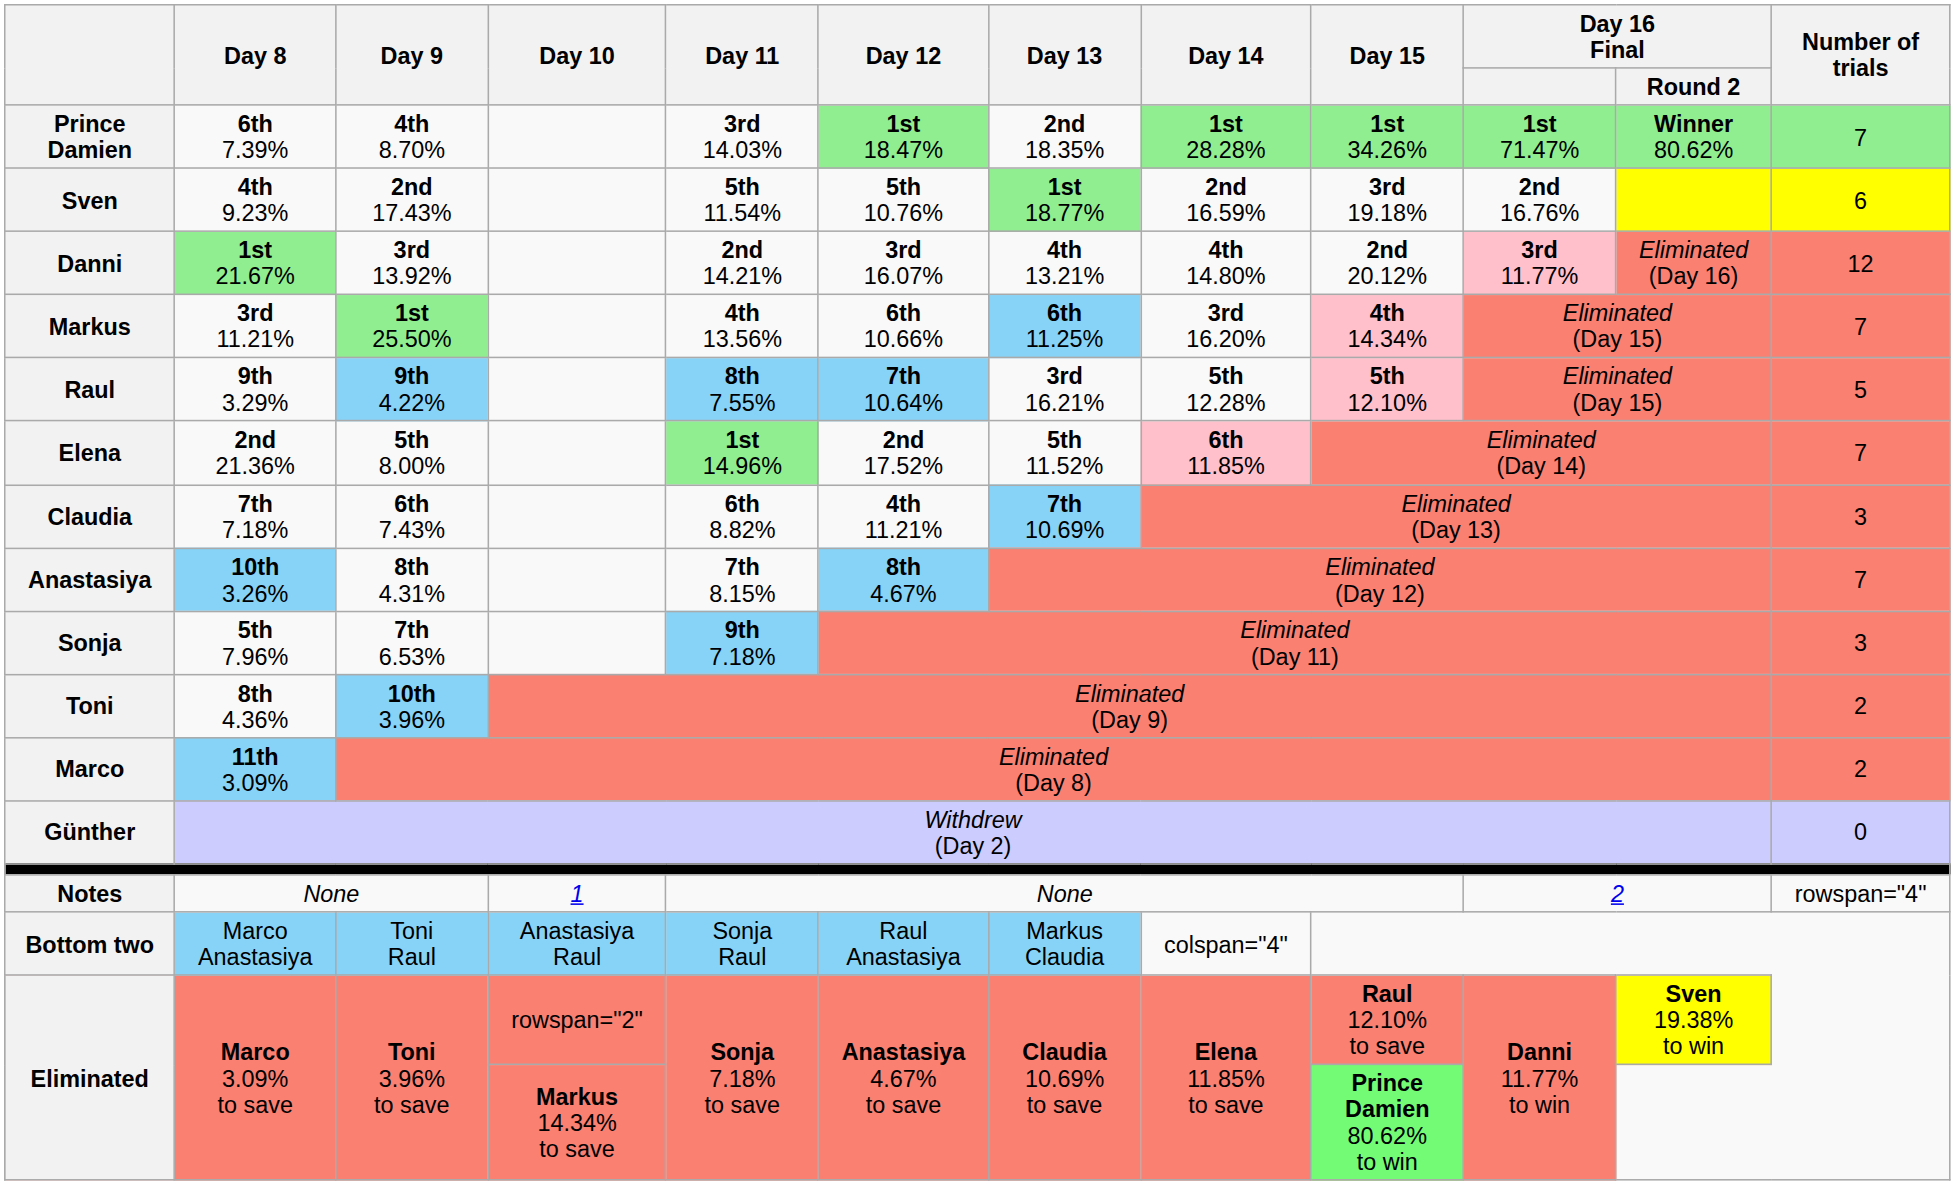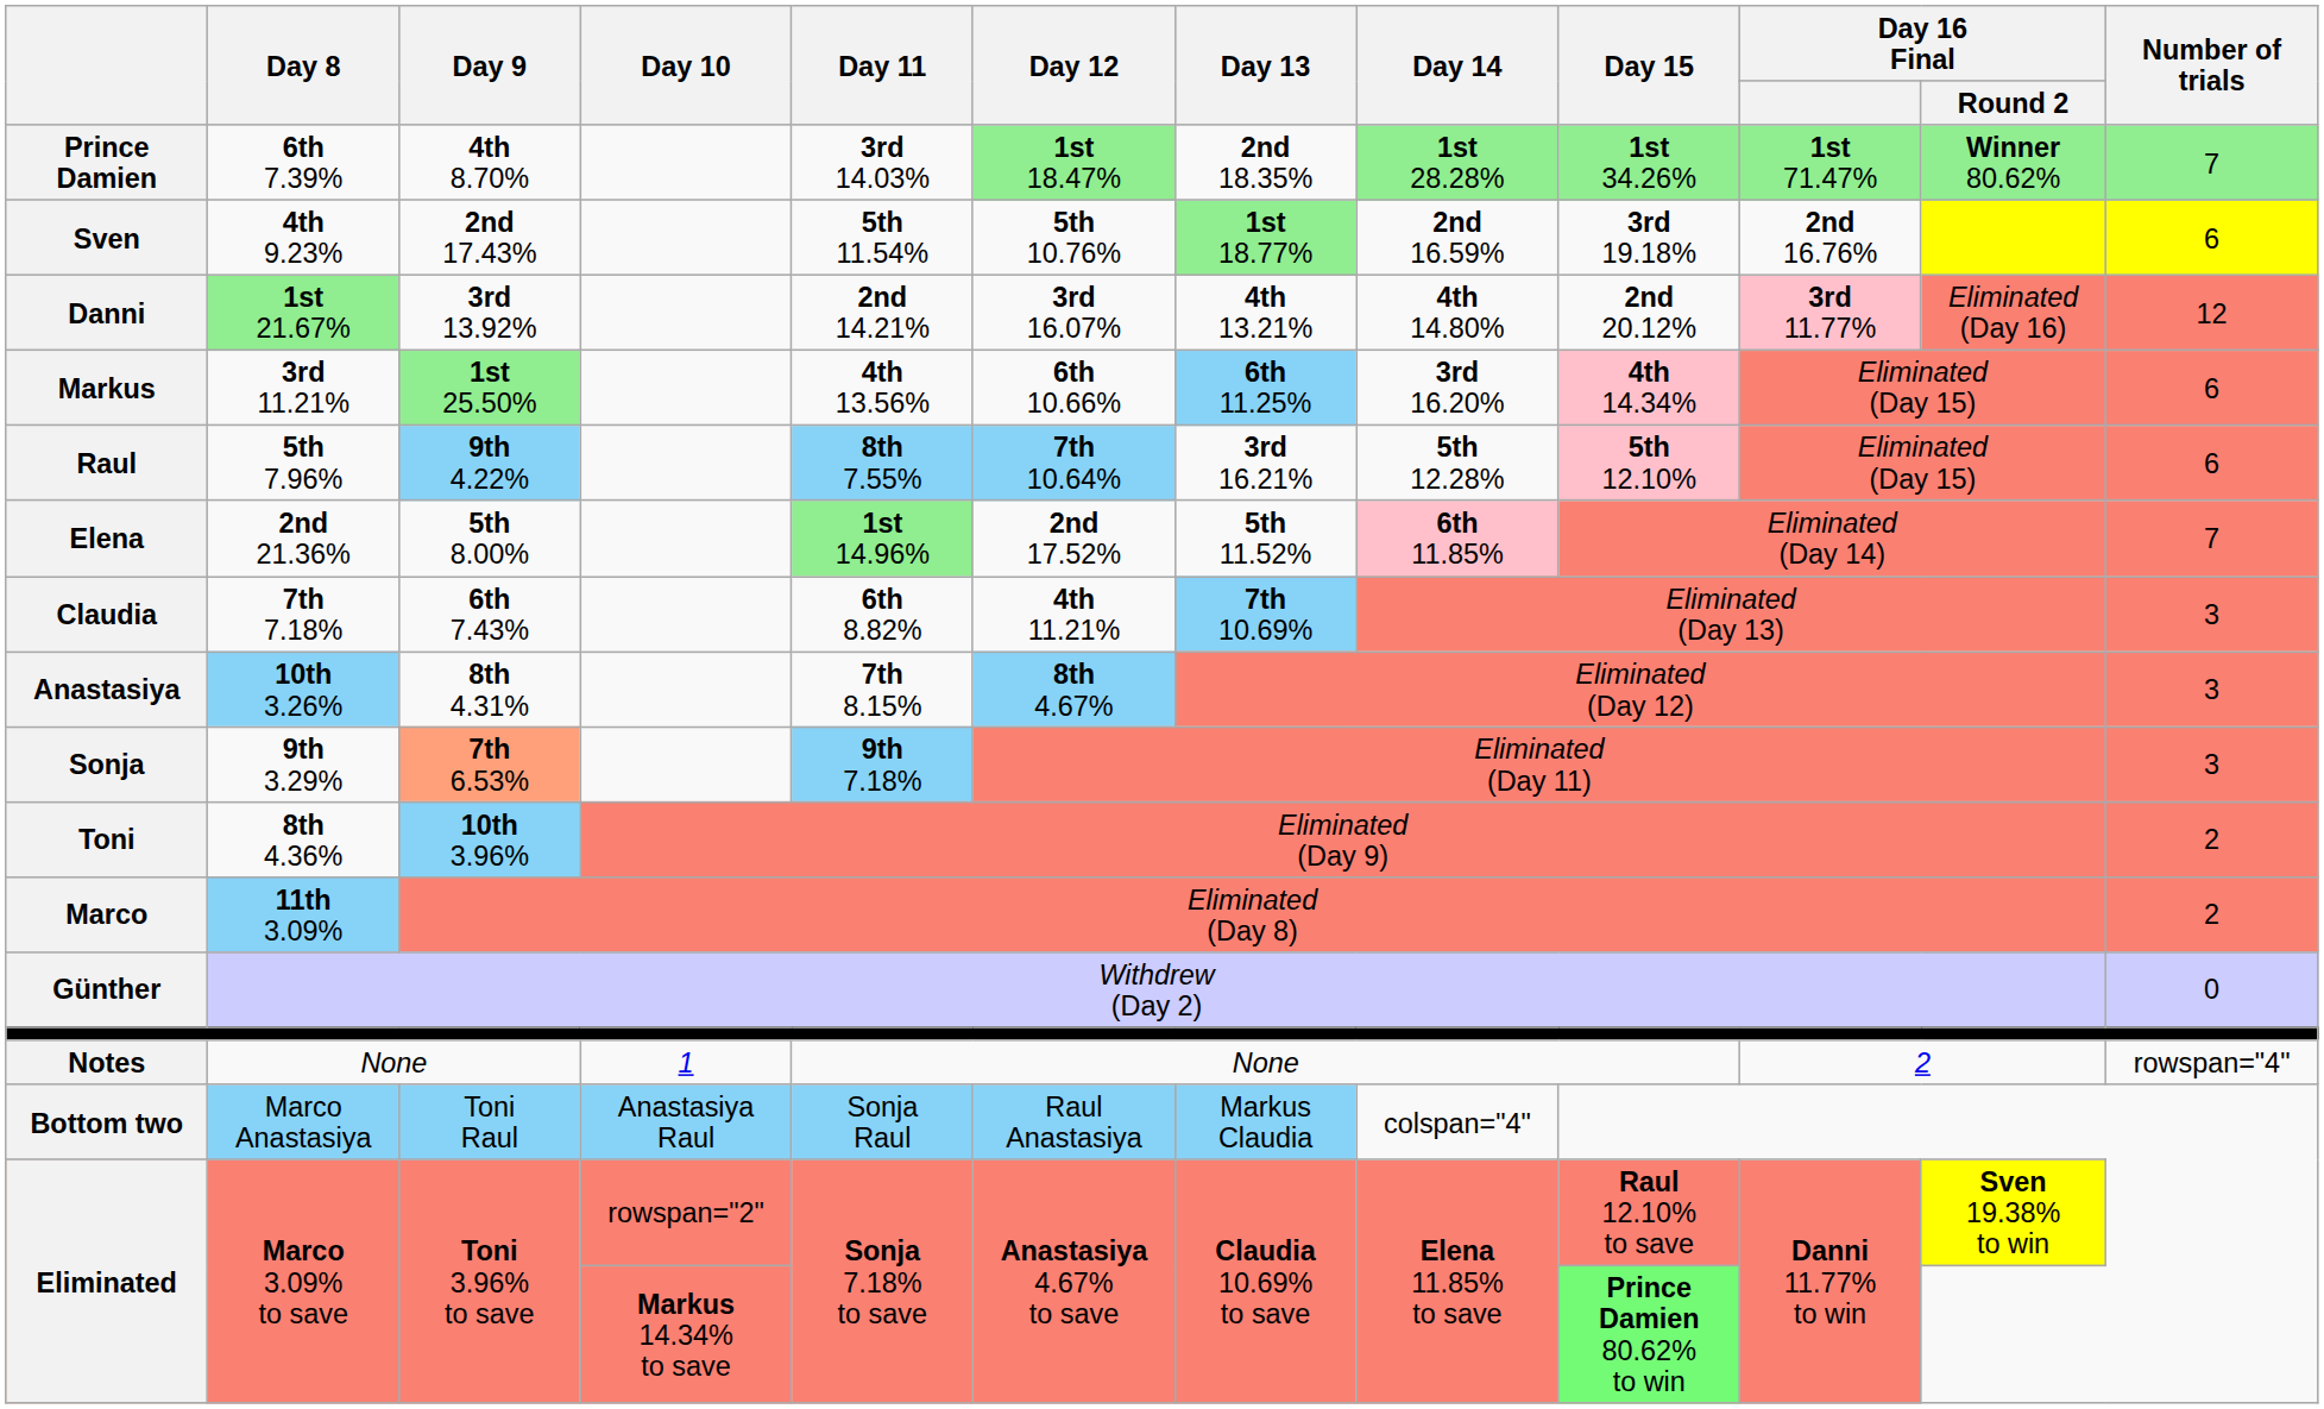 <table class="wikitable" style="text-align:center; font-size:95%; width:100%;">
 <tr>
 <th style="width:6%" rowspan="2"></th>
 <th style="width:6%" rowspan="2">Day 8</th>
 <th style="width:6%" rowspan="2">Day 9</th>
 <th style="width:6%" rowspan="2">Day 10</th>
 <th style="width:6%" rowspan="2">Day 11</th>
 <th style="width:6%" rowspan="2">Day 12</th>
 <th style="width:6%" rowspan="2">Day 13</th>
 <th style="width:6%" rowspan="2">Day 14</th>
 <th style="width:6%" rowspan="2">Day 15</th>
 <th style="width:12%" colspan="2">Day 16<br>Final</th>
 <th style="width:6%" rowspan="2">Number of trials</th>
 </tr>
 <tr>
 <th style="width:6%"></th>
 <th style="width:6%">Round 2</th>
 </tr>
 <tr>
 <th>Prince Damien</th>
 <td><strong>6th</strong><br>7.39%</td>
 <td><strong>4th</strong><br>8.70%</td>
 <td></td>
 <td><strong>3rd</strong><br>14.03%</td>
 <td style="background:lightgreen;"><strong>1st</strong><br>18.47%</td>
 <td><strong>2nd</strong><br>18.35%</td>
 <td style="background:lightgreen;"><strong>1st</strong><br>28.28%</td>
 <td style="background:lightgreen;"><strong>1st</strong><br>34.26%</td>
 <td style="background:lightgreen;"><strong>1st</strong><br>71.47%</td>
 <td bgcolor=lightgreen><strong>Winner</strong><br>80.62%</td>
 <td bgcolor=lightgreen>7</td>
 </tr>
 <tr>
 <th>Sven</th>
 <td><strong>4th</strong><br>9.23%</td>
 <td><strong>2nd</strong><br>17.43%</td>
 <td></td>
 <td><strong>5th</strong><br>11.54%</td>
 <td><strong>5th</strong><br>10.76%</td>
 <td style="background:lightgreen;"><strong>1st</strong><br>18.77%</td>
 <td><strong>2nd</strong><br>16.59%</td>
 <td><strong>3rd</strong><br>19.18%</td>
 <td><strong>2nd</strong><br>16.76%</td>
 <td bgcolor=Yellow></td>
 <td bgcolor=yellow>6</td>
 </tr>
 <tr>
 <th>Danni</th>
 <td style="background:lightgreen;"><strong>1st</strong><br>21.67%</td>
 <td><strong>3rd</strong><br>13.92%</td>
 <td></td>
 <td><strong>2nd</strong><br>14.21%</td>
 <td><strong>3rd</strong><br>16.07%</td>
 <td><strong>4th</strong><br>13.21%</td>
 <td><strong>4th</strong><br>14.80%</td>
 <td><strong>2nd</strong><br>20.12%</td>
 <td style="background:pink;"><strong>3rd</strong><br>11.77%</td>
 <td style="background:salmon;" colspan="1"><em>Eliminated</em><br>(Day 16)</td>
 <td style="background:salmon;">12</td>
 </tr>
 <tr>
 <th>Markus</th>
 <td><strong>3rd</strong><br>11.21%</td>
 <td style="background:lightgreen;"><strong>1st</strong><br>25.50%</td>
 <td></td>
 <td><strong>4th</strong><br>13.56%</td>
 <td><strong>6th</strong><br>10.66%</td>
 <td style="background:#87D3F8"><strong>6th</strong><br>11.25%</td>
 <td><strong>3rd</strong><br>16.20%</td>
 <td style="background:pink;"><strong>4th</strong><br>14.34%</td>
 <td style="background:salmon;" colspan="2"><em>Eliminated</em><br>(Day 15)</td>
-<td style="background:salmon;">7</td>
+<td style="background:salmon;">6</td>
 </tr>
 <tr>
 <th>Raul</th>
-<td><strong>9th</strong><br>3.29%</td>
+<td><strong>5th</strong><br>7.96%</td>
 <td style="background:#87D3F8"><strong>9th</strong><br>4.22%</td>
 <td></td>
 <td style="background:#87D3F8"><strong>8th</strong><br>7.55%</td>
 <td style="background:#87D3F8"><strong>7th</strong><br>10.64%</td>
 <td><strong>3rd</strong><br>16.21%</td>
 <td><strong>5th</strong><br>12.28%</td>
 <td style="background:pink;"><strong>5th</strong><br>12.10%</td>
 <td style="background:salmon;" colspan="2"><em>Eliminated</em><br>(Day 15)</td>
-<td style="background:salmon;">5</td>
+<td style="background:salmon;">6</td>
 </tr>
 <tr>
 <th>Elena</th>
 <td><strong>2nd</strong><br>21.36%</td>
 <td><strong>5th</strong><br>8.00%</td>
 <td></td>
 <td style="background:lightgreen;"><strong>1st</strong><br>14.96%</td>
 <td><strong>2nd</strong><br>17.52%</td>
 <td><strong>5th</strong><br>11.52%</td>
 <td style="background:pink;"><strong>6th</strong><br>11.85%</td>
 <td style="background:salmon;" colspan="3"><em>Eliminated</em><br>(Day 14)</td>
 <td style="background:salmon;">7</td>
 </tr>
 <tr>
 <th>Claudia</th>
 <td><strong>7th</strong><br>7.18%</td>
 <td><strong>6th</strong><br>7.43%</td>
 <td></td>
 <td><strong>6th</strong><br>8.82%</td>
 <td><strong>4th</strong><br>11.21%</td>
 <td style="background:#87D3F8"><strong>7th</strong><br>10.69%</td>
 <td style="background:salmon;" colspan="4"><em>Eliminated</em><br>(Day 13)</td>
 <td style="background:salmon;">3</td>
 </tr>
 <tr>
 <th>Anastasiya</th>
 <td style="background:#87D3F8"><strong>10th</strong><br>3.26%</td>
 <td><strong>8th</strong><br>4.31%</td>
 <td></td>
 <td><strong>7th</strong><br>8.15%</td>
 <td style="background:#87D3F8"><strong>8th</strong><br>4.67%</td>
 <td style="background:salmon;" colspan="5"><em>Eliminated</em><br>(Day 12)</td>
-<td style="background:salmon;">7</td>
+<td style="background:salmon;">3</td>
 </tr>
 <tr>
 <th>Sonja</th>
-<td><strong>5th</strong><br>7.96%</td>
-<td><strong>7th</strong><br>6.53%</td>
+<td><strong>9th</strong><br>3.29%</td>
+<td style="background: lightsalmon;"><strong>7th</strong><br>6.53%</td>
 <td></td>
 <td style="background:#87D3F8"><strong>9th</strong><br>7.18%</td>
 <td style="background:salmon;" colspan="6"><em>Eliminated</em><br>(Day 11)</td>
 <td style="background:salmon;">3</td>
 </tr>
 <tr>
 <th>Toni</th>
 <td><strong>8th</strong><br>4.36%</td>
 <td style="background:#87D3F8"><strong>10th</strong><br>3.96%</td>
 <td style="background:salmon;" colspan="8"><em>Eliminated</em><br>(Day 9)</td>
 <td style="background:salmon;">2</td>
 </tr>
 <tr>
 <th>Marco</th>
 <td style="background:#87D3F8"><strong>11th</strong><br>3.09%</td>
 <td style="background:salmon;" colspan="9"><em>Eliminated</em><br>(Day 8)</td>
 <td style="background:salmon;">2</td>
 </tr>
 <tr>
 <th>Günther</th>
 <td style="background:#ccf;" colspan="10"><em>Withdrew</em><br>(Day 2)</td>
 <td style="background:#ccf;">0</td>
 </tr>
 <tr>
 <td style="background:#000;" colspan="12"></td>
 </tr>
 <tr>
 <th>Notes</th>
 <td colspan="2"><em>None</em></td>
 <td><cite><a href='#'>1</a></cite></td>
 <td colspan="5"><em>None</em></td>
 <td colspan="2"><cite><a href='#'>2</a></cite></td>
 <td>rowspan="4" </td>
 </tr>
 <tr>
 <th>Bottom two</th>
 <td style="background:#87d3f8;">Marco<br>Anastasiya</td>
 <td style="background:#87d3f8;">Toni<br>Raul</td>
 <td style="background:#87d3f8;">Anastasiya<br>Raul</td>
 <td style="background:#87d3f8;">Sonja<br>Raul</td>
 <td style="background:#87d3f8;">Raul<br>Anastasiya</td>
 <td style="background:#87d3f8;">Markus<br>Claudia</td>
 <td>colspan="4" </td>
 </tr>
 <tr style="background:salmon;">
 <th rowspan="2">Eliminated</th>
 <td rowspan="2"><strong>Marco</strong><br>3.09%<br>to save</td>
 <td rowspan="2"><strong>Toni</strong><br>3.96%<br>to save</td>
 <td>rowspan="2" </td>
 <td rowspan="2"><strong>Sonja</strong><br>7.18%<br>to save</td>
 <td rowspan="2"><strong>Anastasiya</strong><br>4.67%<br>to save</td>
 <td rowspan="2"><strong>Claudia</strong><br>10.69%<br>to save</td>
 <td rowspan="2"><strong>Elena</strong><br>11.85%<br>to save</td>
 <td><strong>Raul</strong><br>12.10%<br>to save</td>
 <td rowspan="2"><strong>Danni</strong><br>11.77%<br>to win</td>
 <td style="background:yellow"><strong>Sven</strong><br>19.38%<br>to win</td>
 </tr>
 <tr style="background:salmon;">
 <td><strong>Markus</strong><br>14.34%<br>to save</td>
 <td style="background:#73FB76"><strong>Prince Damien</strong><br>80.62%<br>to win</td>
 </tr>
 </table>
